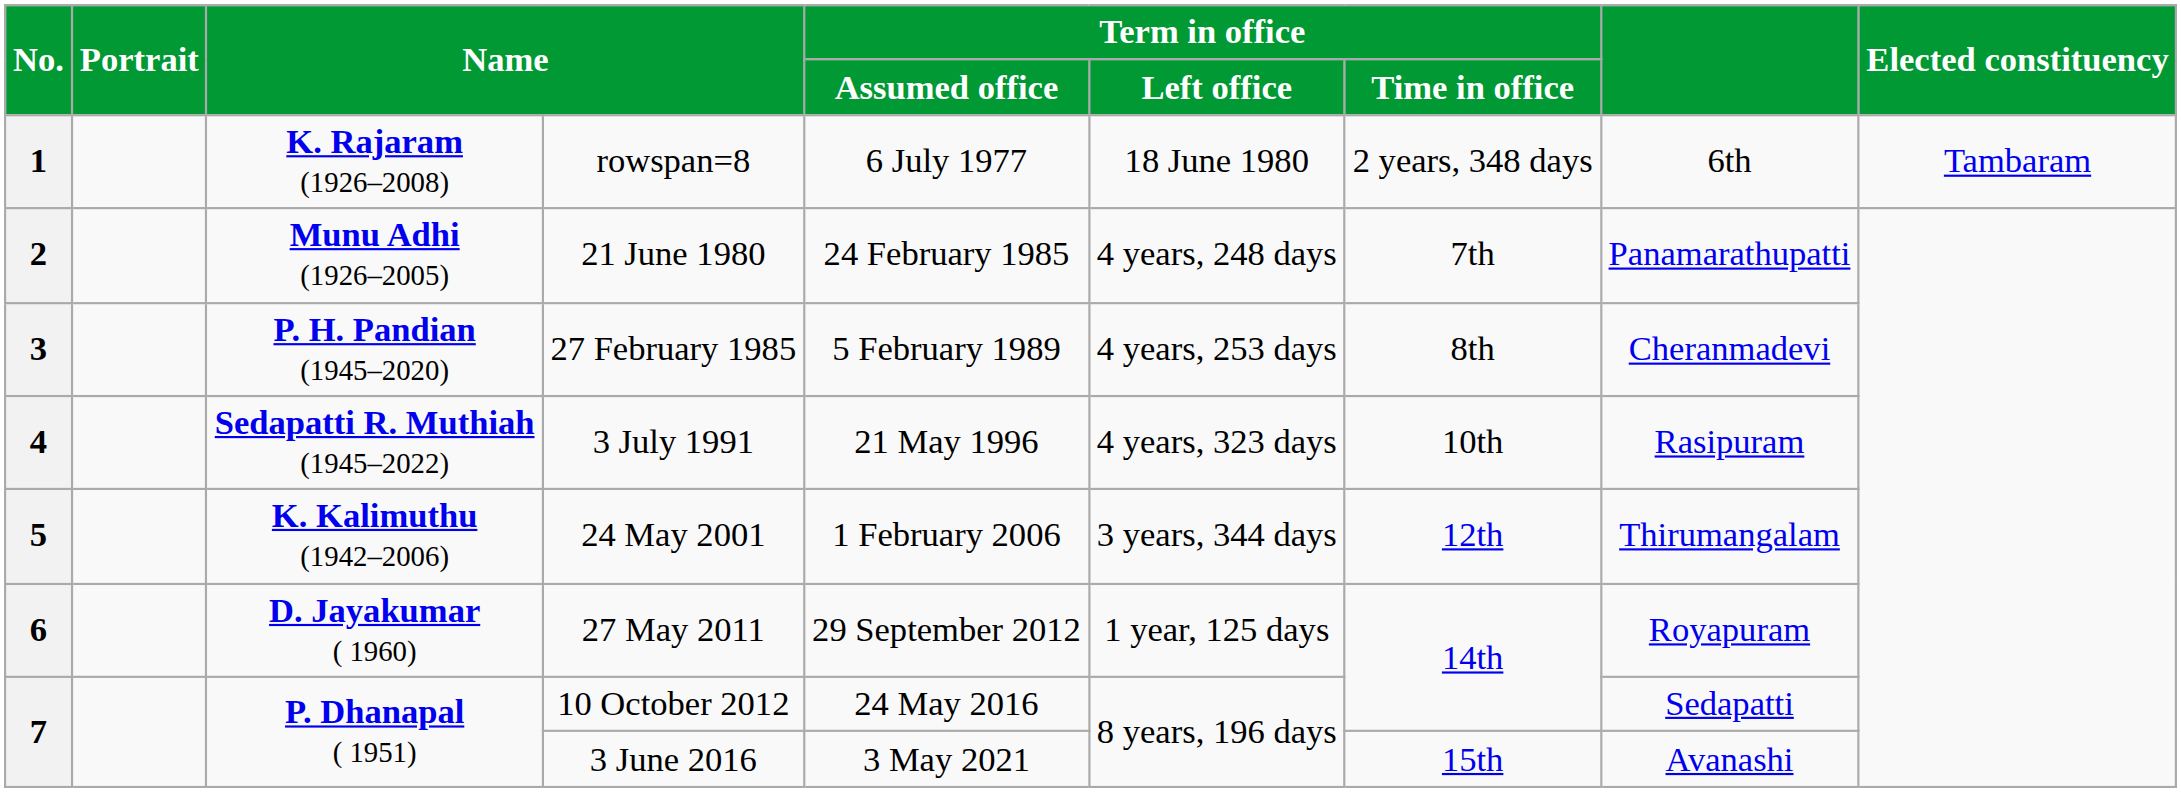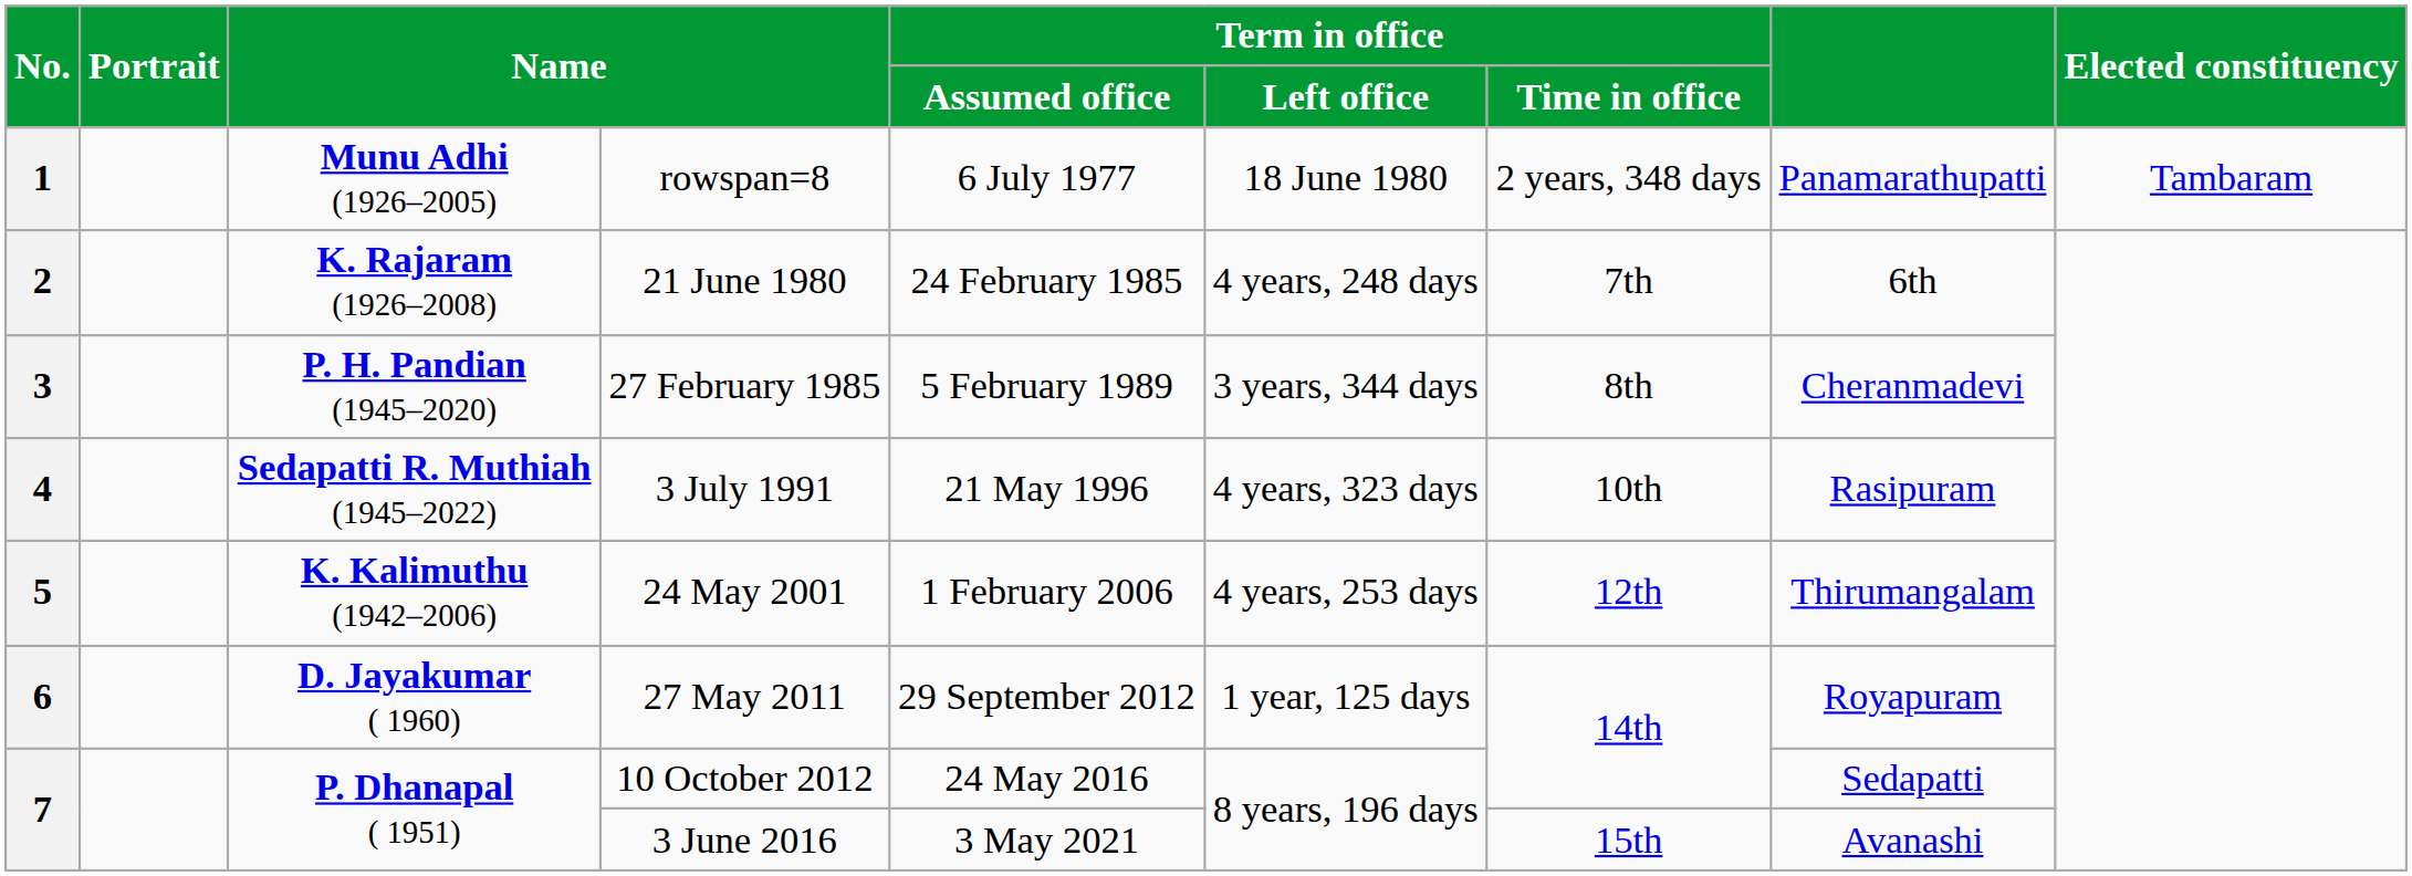 <table class="wikitable sortable" style="text-align:center;">
 <tr>
 <th rowspan=2 style="background-color:#009933;color:white">No.</th>
 <th rowspan=2 style="background-color:#009933;color:white">Portrait</th>
 <th colspan=2 rowspan=2 style="background-color:#009933;color:white">Name<br></th>
 <th colspan=3 style="background-color:#009933;color:white">Term in office</th>
 <th rowspan=2 style="background-color:#009933;color:white"><a href='#'></a><br></th>
 <th rowspan=2 style="background-color:#009933;color:white">Elected constituency</th>
 </tr>
 <tr>
 <th style="background-color:#009933;color:white">Assumed office</th>
 <th style="background-color:#009933;color:white">Left office</th>
 <th style="background-color:#009933;color:white">Time in office</th>
 </tr>
 <tr>
 <th>1</th>
 <td></td>
-<td><strong><a href='#'>K. Rajaram</a></strong><br><small>(1926–2008)</small></td>
+<td><strong><a href='#'>Munu Adhi</a></strong><br><small>(1926–2005)</small></td>
 <td>rowspan=8 </td>
 <td>6 July 1977</td>
 <td>18 June 1980</td>
 <td>2 years, 348 days</td>
-<td>6th<br></td>
+<td><a href='#'>Panamarathupatti</a></td>
 <td><a href='#'>Tambaram</a></td>
 </tr>
 <tr>
 <th>2</th>
 <td></td>
-<td><strong><a href='#'>Munu Adhi</a></strong><br><small>(1926–2005)</small></td>
+<td><strong><a href='#'>K. Rajaram</a></strong><br><small>(1926–2008)</small></td>
 <td>21 June 1980</td>
 <td>24 February 1985</td>
 <td>4 years, 248 days</td>
 <td>7th<br></td>
-<td><a href='#'>Panamarathupatti</a></td>
+<td>6th<br></td>
 </tr>
 <tr>
 <th>3</th>
 <td></td>
 <td><strong><a href='#'>P. H. Pandian</a></strong><br><small>(1945–2020)</small></td>
 <td>27 February 1985</td>
 <td>5 February 1989</td>
-<td>4 years, 253 days</td>
+<td>3 years, 344 days</td>
 <td>8th<br></td>
 <td><a href='#'>Cheranmadevi</a></td>
 </tr>
 <tr>
 <th>4</th>
 <td></td>
 <td><strong><a href='#'>Sedapatti R. Muthiah</a></strong><br><small>(1945–2022)</small></td>
 <td>3 July 1991</td>
 <td>21 May 1996</td>
 <td>4 years, 323 days</td>
 <td>10th<br></td>
 <td><a href='#'>Rasipuram</a></td>
 </tr>
 <tr>
 <th>5</th>
 <td></td>
 <td><strong><a href='#'>K. Kalimuthu</a></strong><br><small>(1942–2006)</small></td>
 <td>24 May 2001</td>
 <td>1 February 2006</td>
-<td>3 years, 344 days</td>
+<td>4 years, 253 days</td>
 <td><a href='#'>12th</a><br></td>
 <td><a href='#'>Thirumangalam</a></td>
 </tr>
 <tr>
 <th>6</th>
 <td></td>
 <td><strong><a href='#'>D. Jayakumar</a></strong><br><small>( 1960)</small></td>
 <td>27 May 2011</td>
 <td>29 September 2012</td>
 <td>1 year, 125 days</td>
 <td rowspan=2><a href='#'>14th</a><br></td>
 <td><a href='#'>Royapuram</a></td>
 </tr>
 <tr>
 <th rowspan=2>7</th>
 <td rowspan=2></td>
 <td rowspan=2><strong><a href='#'>P. Dhanapal</a></strong><br><small>( 1951)</small></td>
 <td>10 October 2012</td>
 <td>24 May 2016</td>
 <td rowspan=2>8 years, 196 days</td>
 <td><a href='#'>Sedapatti</a></td>
 </tr>
 <tr>
 <td>3 June 2016</td>
 <td>3 May 2021</td>
 <td><a href='#'>15th</a><br></td>
 <td><a href='#'>Avanashi</a></td>
 </tr>
 </table>
